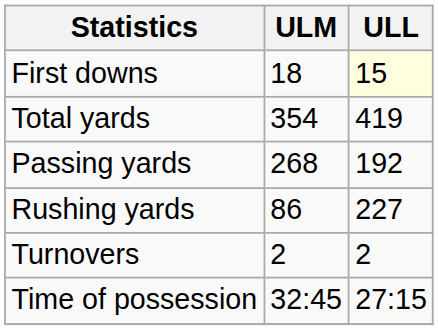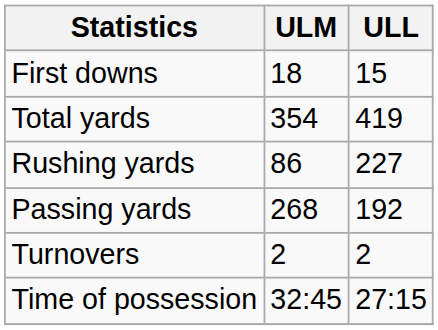 <table class="wikitable" style="float: left;">
 <tr>
 <th>Statistics</th>
 <th>ULM</th>
 <th>ULL</th>
 </tr>
 <tr>
 <td>First downs</td>
 <td>18</td>
-<td style="background: lightyellow;">15</td>
+<td>15</td>
 </tr>
 <tr>
 <td>Total yards</td>
 <td>354</td>
 <td>419</td>
 </tr>
 <tr>
+<td>Rushing yards</td>
+<td>86</td>
+<td>227</td>
+</tr>
+<tr>
 <td>Passing yards</td>
 <td>268</td>
 <td>192</td>
-</tr>
-<tr>
-<td>Rushing yards</td>
-<td>86</td>
-<td>227</td>
 </tr>
 <tr>
 <td>Turnovers</td>
 <td>2</td>
 <td>2</td>
 </tr>
 <tr>
 <td>Time of possession</td>
 <td>32:45</td>
 <td>27:15</td>
 </tr>
 <tr>
 </tr>
 </table>
